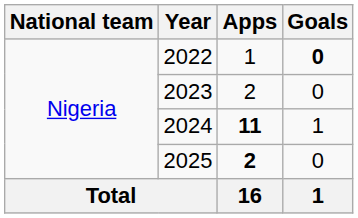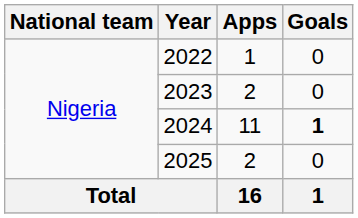 <table class=wikitable style=text-align:center>
 <tr>
 <th>National team</th>
 <th>Year</th>
 <th>Apps</th>
 <th>Goals</th>
 </tr>
 <tr>
 <td rowspan="4"><a href='#'>Nigeria</a></td>
 <td>2022</td>
 <td>1</td>
-<td><strong>0</strong></td>
+<td>0</td>
 </tr>
 <tr>
 <td>2023</td>
 <td>2</td>
 <td>0</td>
 </tr>
 <tr>
 <td>2024</td>
-<td><strong>11</strong></td>
-<td>1</td>
+<td>11</td>
+<td><strong>1</strong></td>
 </tr>
 <tr>
 <td>2025</td>
-<td><strong>2</strong></td>
+<td>2</td>
 <td>0</td>
 </tr>
 <tr>
 <th colspan="2">Total</th>
 <th>16</th>
 <th>1</th>
 </tr>
 </table>
